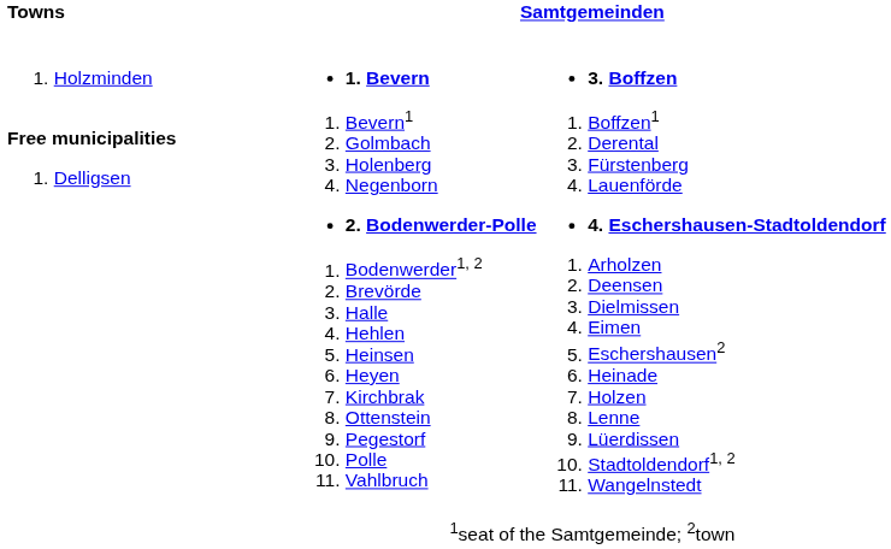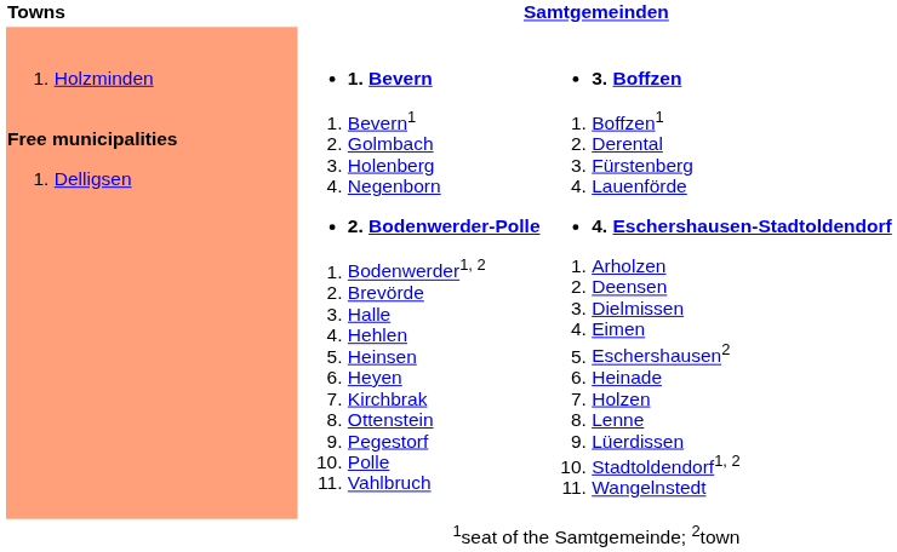 <table>
 <tr>
 <th align=left width=33%>Towns</th>
 <th colspan=2 align=center width=67%><a href='#'>Samtgemeinden</a></th>
 </tr>
 <tr valign=top>
-<td><br><ol><li><a href='#'>Holzminden</a></li></ol><br> <strong>Free municipalities</strong><ol><li><a href='#'>Delligsen</a></li></ol></td>
+<td style="background: lightsalmon;"><br><ol><li><a href='#'>Holzminden</a></li></ol><br> <strong>Free municipalities</strong><ol><li><a href='#'>Delligsen</a></li></ol></td>
 <td><br><ul><li><strong>1. <a href='#'>Bevern</a></strong></li></ul><ol><li><a href='#'>Bevern</a><sup>1</sup></li><li><a href='#'>Golmbach</a></li><li><a href='#'>Holenberg</a></li><li><a href='#'>Negenborn</a></li></ol><ul><li><strong>2. <a href='#'>Bodenwerder-Polle</a></strong></li></ul><ol><li><a href='#'>Bodenwerder</a><sup>1, 2</sup></li><li><a href='#'>Brevörde</a></li><li><a href='#'>Halle</a></li><li><a href='#'>Hehlen</a></li><li><a href='#'>Heinsen</a></li><li><a href='#'>Heyen</a></li><li><a href='#'>Kirchbrak</a></li><li><a href='#'>Ottenstein</a></li><li><a href='#'>Pegestorf</a></li><li><a href='#'>Polle</a></li><li><a href='#'>Vahlbruch</a></li></ol></td>
 <td><br><ul><li><strong>3. <a href='#'>Boffzen</a></strong></li></ul><ol><li><a href='#'>Boffzen</a><sup>1</sup></li><li><a href='#'>Derental</a></li><li><a href='#'>Fürstenberg</a></li><li><a href='#'>Lauenförde</a></li></ol><ul><li><strong>4. <a href='#'>Eschershausen-Stadtoldendorf</a></strong></li></ul><ol><li><a href='#'>Arholzen</a></li><li><a href='#'>Deensen</a></li><li><a href='#'>Dielmissen</a></li><li><a href='#'>Eimen</a></li><li><a href='#'>Eschershausen</a><sup>2</sup></li><li><a href='#'>Heinade</a></li><li><a href='#'>Holzen</a></li><li><a href='#'>Lenne</a></li><li><a href='#'>Lüerdissen</a></li><li><a href='#'>Stadtoldendorf</a><sup>1, 2</sup></li><li><a href='#'>Wangelnstedt</a></li></ol></td>
 </tr>
 <tr>
 <td></td>
 <td colspan=2 align=center><sup>1</sup>seat of the Samtgemeinde; <sup>2</sup>town</td>
 </tr>
 </table>
